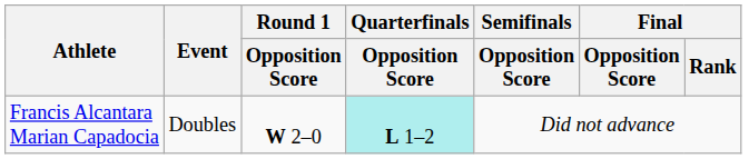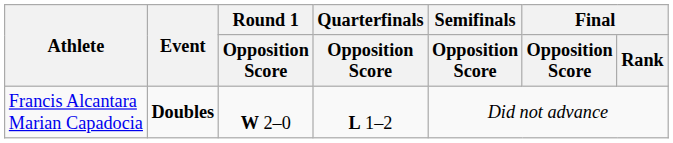 <table class="wikitable" style="font-size:95%">
 <tr>
 <th rowspan=2>Athlete</th>
 <th rowspan=2>Event</th>
 <th>Round 1</th>
 <th>Quarterfinals</th>
 <th>Semifinals</th>
 <th colspan=2>Final</th>
 </tr>
 <tr style="font-size:90">
 <th>Opposition<br>Score</th>
 <th>Opposition<br>Score</th>
 <th>Opposition<br>Score</th>
 <th>Opposition<br>Score</th>
 <th>Rank</th>
 </tr>
 <tr align=center>
 <td align=left><a href='#'>Francis Alcantara</a><br><a href='#'>Marian Capadocia</a></td>
-<td align=left>Doubles</td>
+<td align=left><strong>Doubles</strong></td>
 <td><br><strong>W</strong> 2–0</td>
-<td style="background: paleturquoise;"><br><strong>L</strong> 1–2</td>
+<td><br><strong>L</strong> 1–2</td>
 <td colspan=3><em>Did not advance</em></td>
 </tr>
 </table>
